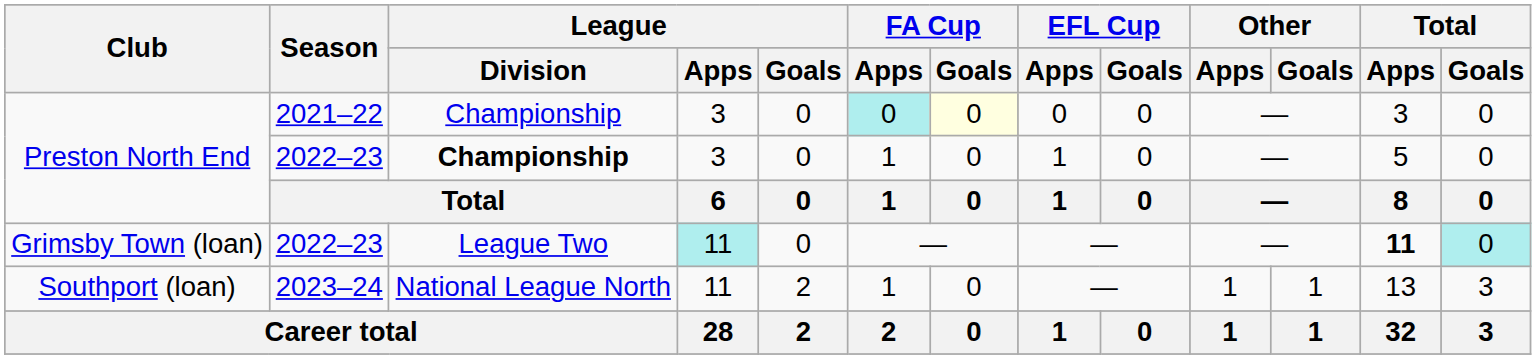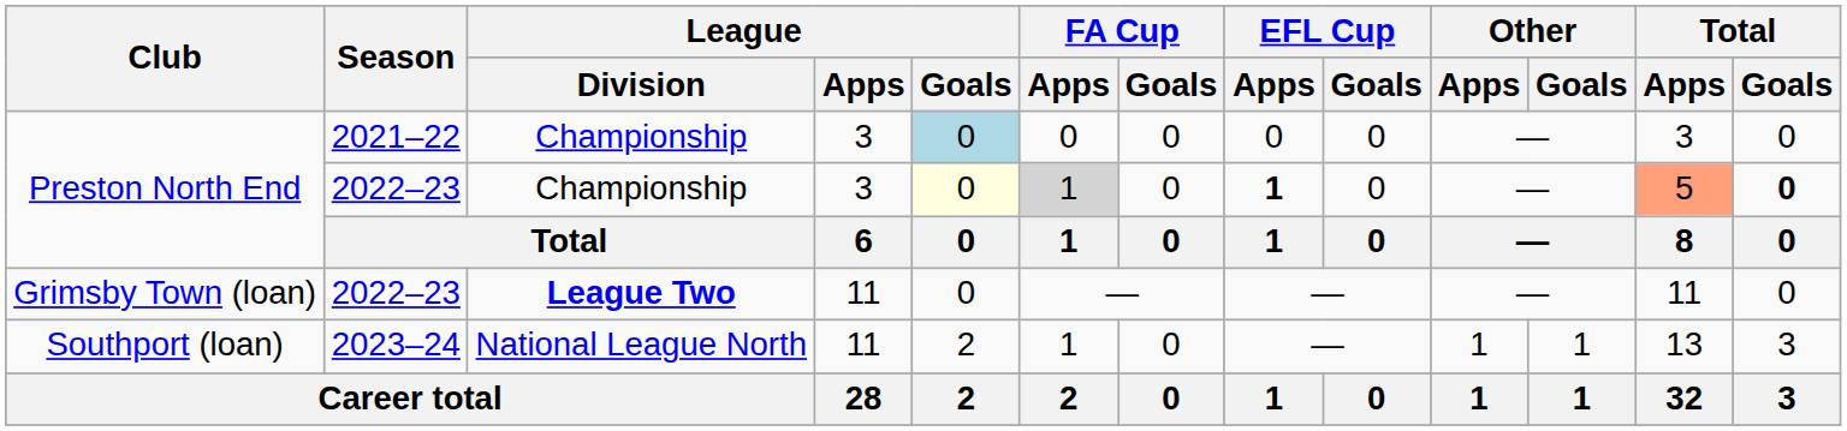 <table class="wikitable" style="text-align:center">
 <tr>
 <th rowspan="2">Club</th>
 <th rowspan="2">Season</th>
 <th colspan="3">League</th>
 <th colspan="2"><a href='#'>FA Cup</a></th>
 <th colspan="2"><a href='#'>EFL Cup</a></th>
 <th colspan="2">Other</th>
 <th colspan="2">Total</th>
 </tr>
 <tr>
 <th>Division</th>
 <th>Apps</th>
 <th>Goals</th>
 <th>Apps</th>
 <th>Goals</th>
 <th>Apps</th>
 <th>Goals</th>
 <th>Apps</th>
 <th>Goals</th>
 <th>Apps</th>
 <th>Goals</th>
 </tr>
 <tr>
 <td rowspan="3"><a href='#'>Preston North End</a></td>
 <td><a href='#'>2021–22</a></td>
 <td><a href='#'>Championship</a></td>
 <td>3</td>
+<td style="background: lightblue;">0</td>
 <td>0</td>
-<td style="background: paleturquoise;">0</td>
-<td style="background: lightyellow;">0</td>
+<td>0</td>
 <td>0</td>
 <td>0</td>
 <td colspan="2">—</td>
 <td>3</td>
 <td>0</td>
 </tr>
 <tr>
 <td><a href='#'>2022–23</a></td>
-<td><strong>Championship</strong></td>
+<td>Championship</td>
 <td>3</td>
+<td style="background: lightyellow;">0</td>
+<td style="background: lightgrey;">1</td>
 <td>0</td>
-<td>1</td>
-<td>0</td>
-<td>1</td>
+<td><strong>1</strong></td>
 <td>0</td>
 <td colspan="2">—</td>
-<td>5</td>
-<td>0</td>
+<td style="background: lightsalmon;">5</td>
+<td><strong>0</strong></td>
 </tr>
 <tr>
 <th colspan="2">Total</th>
 <th>6</th>
 <th>0</th>
 <th>1</th>
 <th>0</th>
 <th>1</th>
 <th>0</th>
 <th colspan="2">—</th>
 <th>8</th>
 <th>0</th>
 </tr>
 <tr>
 <td><a href='#'>Grimsby Town</a> (loan)</td>
 <td><a href='#'>2022–23</a></td>
-<td><a href='#'>League Two</a></td>
-<td style="background: paleturquoise;">11</td>
+<td><strong><a href='#'>League Two</a></strong></td>
+<td>11</td>
 <td>0</td>
 <td colspan="2">—</td>
 <td colspan="2">—</td>
 <td colspan="2">—</td>
-<td><strong>11</strong></td>
-<td style="background: paleturquoise;">0</td>
+<td>11</td>
+<td>0</td>
 </tr>
 <tr>
 <td><a href='#'>Southport</a> (loan)</td>
 <td><a href='#'>2023–24</a></td>
 <td><a href='#'>National League North</a></td>
 <td>11</td>
 <td>2</td>
 <td>1</td>
 <td>0</td>
 <td colspan="2">—</td>
 <td>1</td>
 <td>1</td>
 <td>13</td>
 <td>3</td>
 </tr>
 <tr>
 <th colspan=3>Career total</th>
 <th>28</th>
 <th>2</th>
 <th>2</th>
 <th>0</th>
 <th>1</th>
 <th>0</th>
 <th>1</th>
 <th>1</th>
 <th>32</th>
 <th>3</th>
 </tr>
 </table>
